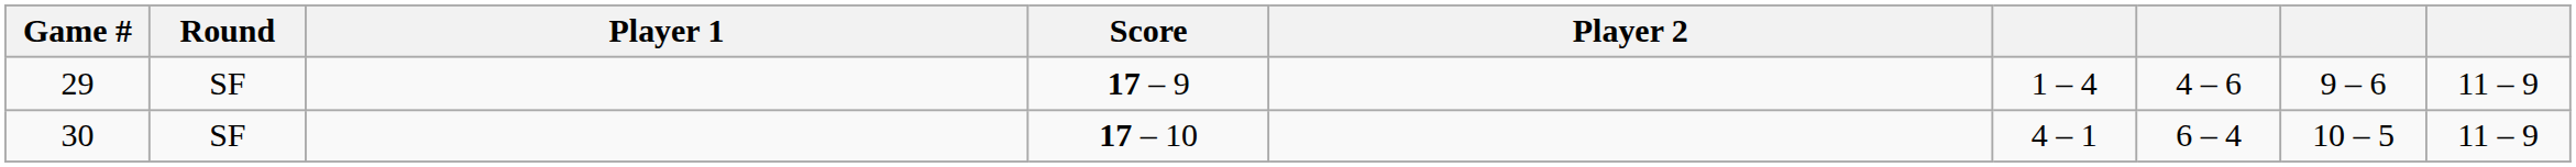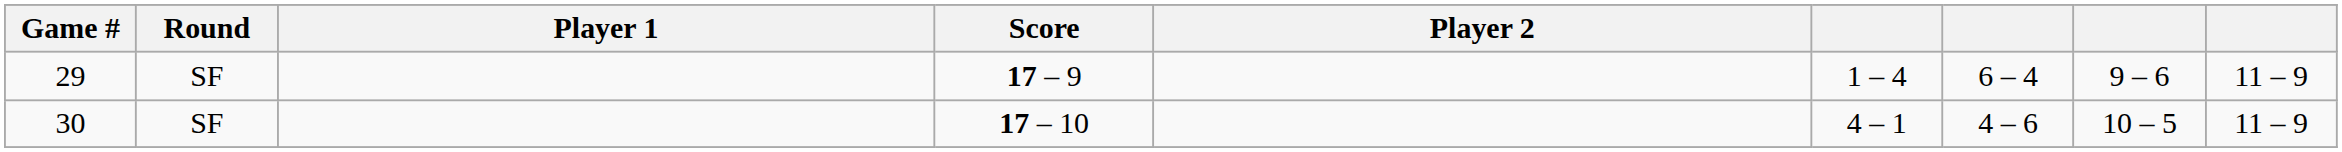 <table class="wikitable">
 <tr>
 <th width="2%">Game #</th>
 <th width="2%">Round</th>
 <th width="15%">Player 1</th>
 <th width="5%">Score</th>
 <th width="15%">Player 2</th>
 <th width="3%"></th>
 <th width="3%"></th>
 <th width="3%"></th>
 <th width="3%"></th>
 </tr>
 <tr style=text-align:center;"background:#;">
 <td>29</td>
 <td>SF</td>
 <td><strong></strong></td>
 <td><strong>17</strong> – 9</td>
 <td></td>
 <td>1 – 4</td>
-<td>4 – 6</td>
+<td>6 – 4</td>
 <td>9 – 6</td>
 <td>11 – 9</td>
 </tr>
 <tr style=text-align:center;"background:#;">
 <td>30</td>
 <td>SF</td>
 <td><strong></strong></td>
 <td><strong>17</strong> – 10</td>
 <td></td>
 <td>4 – 1</td>
-<td>6 – 4</td>
+<td>4 – 6</td>
 <td>10 – 5</td>
 <td>11 – 9</td>
 </tr>
 </table>
